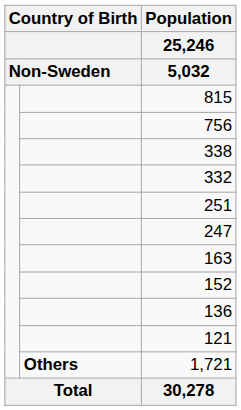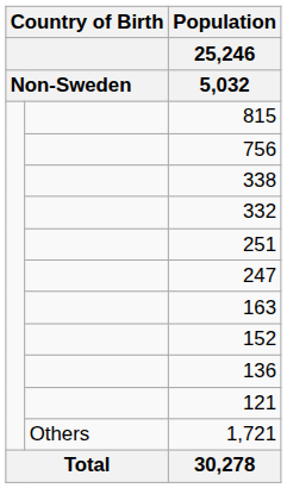 <table class="wikitable" style="float:right; text-align:right;">
 <tr>
 <th colspan="2">Country of Birth</th>
 <th>Population</th>
 </tr>
 <tr>
 <th colspan="2"></th>
 <th>25,246</th>
 </tr>
 <tr>
 <th colspan="2" style="text-align:left;">Non-Sweden</th>
 <th>5,032</th>
 </tr>
 <tr>
 <td rowspan="11"></td>
 <td style="text-align:left;"></td>
 <td>815</td>
 </tr>
 <tr>
 <td style="text-align:left;"></td>
 <td>756</td>
 </tr>
 <tr>
 <td style="text-align:left;"></td>
 <td>338</td>
 </tr>
 <tr>
 <td style="text-align:left;"></td>
 <td>332</td>
 </tr>
 <tr>
 <td style="text-align:left;"></td>
 <td>251</td>
 </tr>
 <tr>
 <td style="text-align:left;"></td>
 <td>247</td>
 </tr>
 <tr>
 <td style="text-align:left;"></td>
 <td>163</td>
 </tr>
 <tr>
 <td style="text-align:left;"></td>
 <td>152</td>
 </tr>
 <tr>
 <td style="text-align:left;"></td>
 <td>136</td>
 </tr>
 <tr>
 <td style="text-align:left;"></td>
 <td>121</td>
 </tr>
 <tr>
-<td style="text-align:left;"><strong>Others</strong></td>
+<td style="text-align:left;">Others</td>
 <td>1,721</td>
 </tr>
 <tr>
 <th colspan="2">Total</th>
 <th>30,278</th>
 </tr>
 </table>
